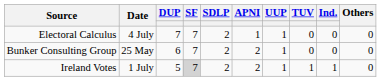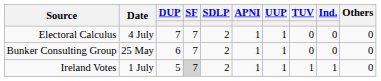 <table class="wikitable sortable mw-collapsible" style="text-align:right;">
 <tr>
 <th rowspan="2">Source</th>
 <th rowspan="2">Date</th>
 <th style="vertical-align:top;"><a href='#'>DUP</a></th>
 <th style="vertical-align:top;"><a href='#'>SF</a></th>
 <th style="vertical-align:top;"><a href='#'>SDLP</a></th>
 <th style="vertical-align:top;"><a href='#'>APNI</a></th>
 <th style="vertical-align:top;"><a href='#'>UUP</a></th>
 <th style="vertical-align:top;"><a href='#'>TUV</a></th>
 <th style="vertical-align:top;"><a href='#'>Ind.</a></th>
 <th rowspan="2" class="unsortable" style="vertical-align:top;">Others</th>
 </tr>
 <tr>
 <th data-sort-type="number" style="background:"></th>
 <th data-sort-type="number" style="background:"></th>
 <th data-sort-type="number" style="background:"></th>
 <th data-sort-type="number" style="background:"></th>
 <th data-sort-type="number" style="background:"></th>
 <th data-sort-type="number" style="background:"></th>
 <th data-sort-type="number" style="background:"></th>
 </tr>
 <tr>
 <td>Electoral Calculus</td>
 <td>4 July</td>
 <td>7</td>
 <td>7</td>
 <td>2</td>
 <td>1</td>
 <td>1</td>
 <td>0</td>
 <td>0</td>
 <td>0</td>
 </tr>
 <tr>
 <td>Bunker Consulting Group</td>
 <td>25 May</td>
 <td>6</td>
 <td>7</td>
 <td>2</td>
-<td>2</td>
+<td>1</td>
 <td>1</td>
 <td>0</td>
 <td>0</td>
 <td>0</td>
 </tr>
 <tr>
 <td>Ireland Votes</td>
 <td>1 July</td>
 <td>5</td>
 <td style="background: lightgrey;">7</td>
 <td>2</td>
-<td>2</td>
+<td>1</td>
 <td>1</td>
 <td>1</td>
 <td>1</td>
 <td>0</td>
 </tr>
 </table>
